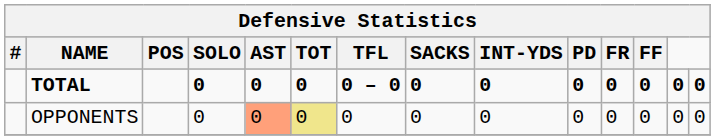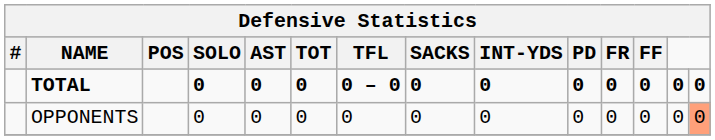 <table class="wikitable sortable collapsible collapsed">
 <tr>
 <th colspan="16">Defensive Statistics</th>
 </tr>
 <tr>
 <th>#</th>
 <th>NAME</th>
 <th>POS</th>
 <th>SOLO</th>
 <th>AST</th>
 <th>TOT</th>
 <th>TFL</th>
 <th>SACKS</th>
 <th>INT-YDS</th>
 <th>PD</th>
 <th>FR</th>
 <th>FF</th>
 </tr>
 <tr>
 <td></td>
 <td><strong>TOTAL</strong></td>
 <td></td>
 <td><strong>0</strong></td>
 <td><strong>0</strong></td>
 <td><strong>0</strong></td>
 <td><strong>0 – 0</strong></td>
 <td><strong>0</strong></td>
 <td><strong>0</strong></td>
 <td><strong>0</strong></td>
 <td><strong>0</strong></td>
 <td><strong>0</strong></td>
 <td><strong>0</strong></td>
 <td><strong>0</strong></td>
 </tr>
 <tr>
 <td></td>
 <td>OPPONENTS</td>
 <td></td>
 <td>0</td>
-<td style="background: lightsalmon;">0</td>
-<td style="background: khaki;">0</td>
 <td>0</td>
 <td>0</td>
 <td>0</td>
 <td>0</td>
 <td>0</td>
 <td>0</td>
 <td>0</td>
 <td>0</td>
+<td>0</td>
+<td style="background: lightsalmon;">0</td>
 </tr>
 <tr>
 </tr>
 </table>
